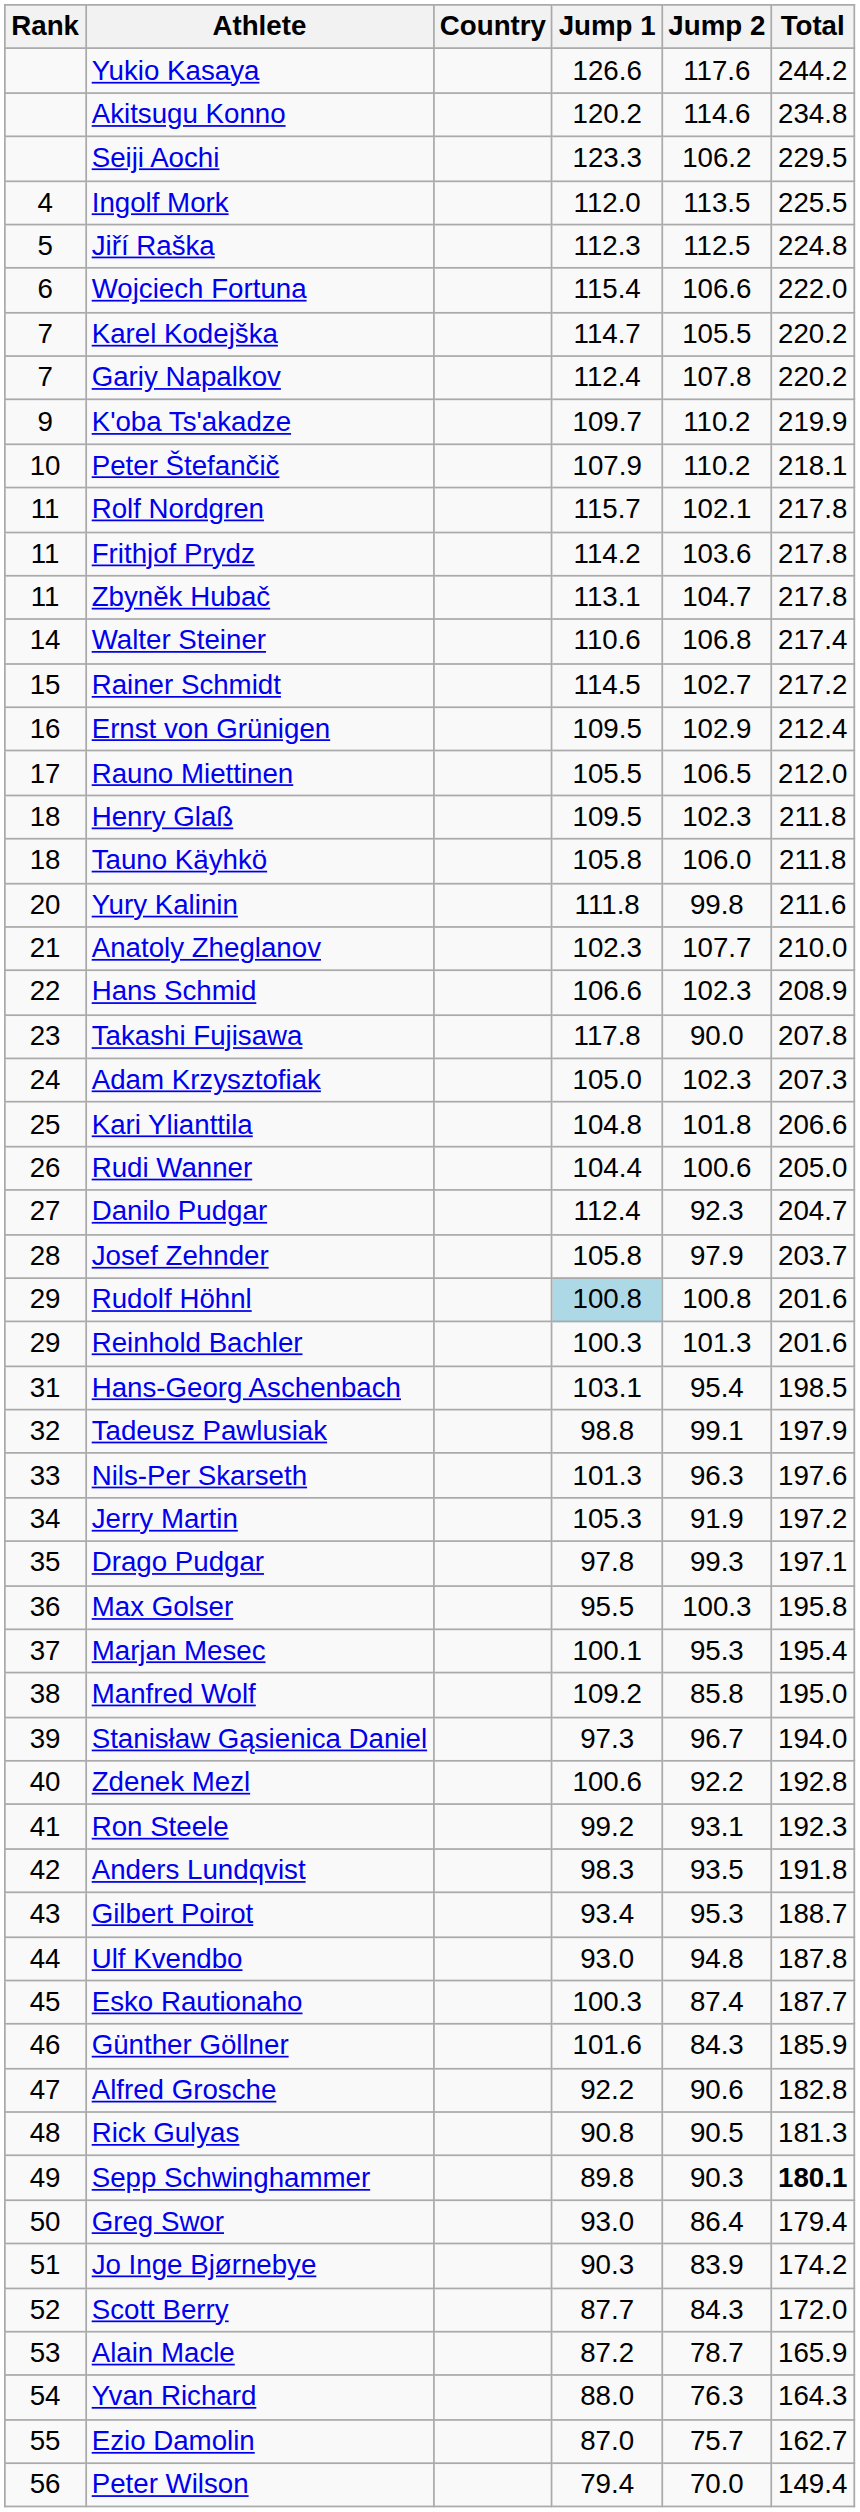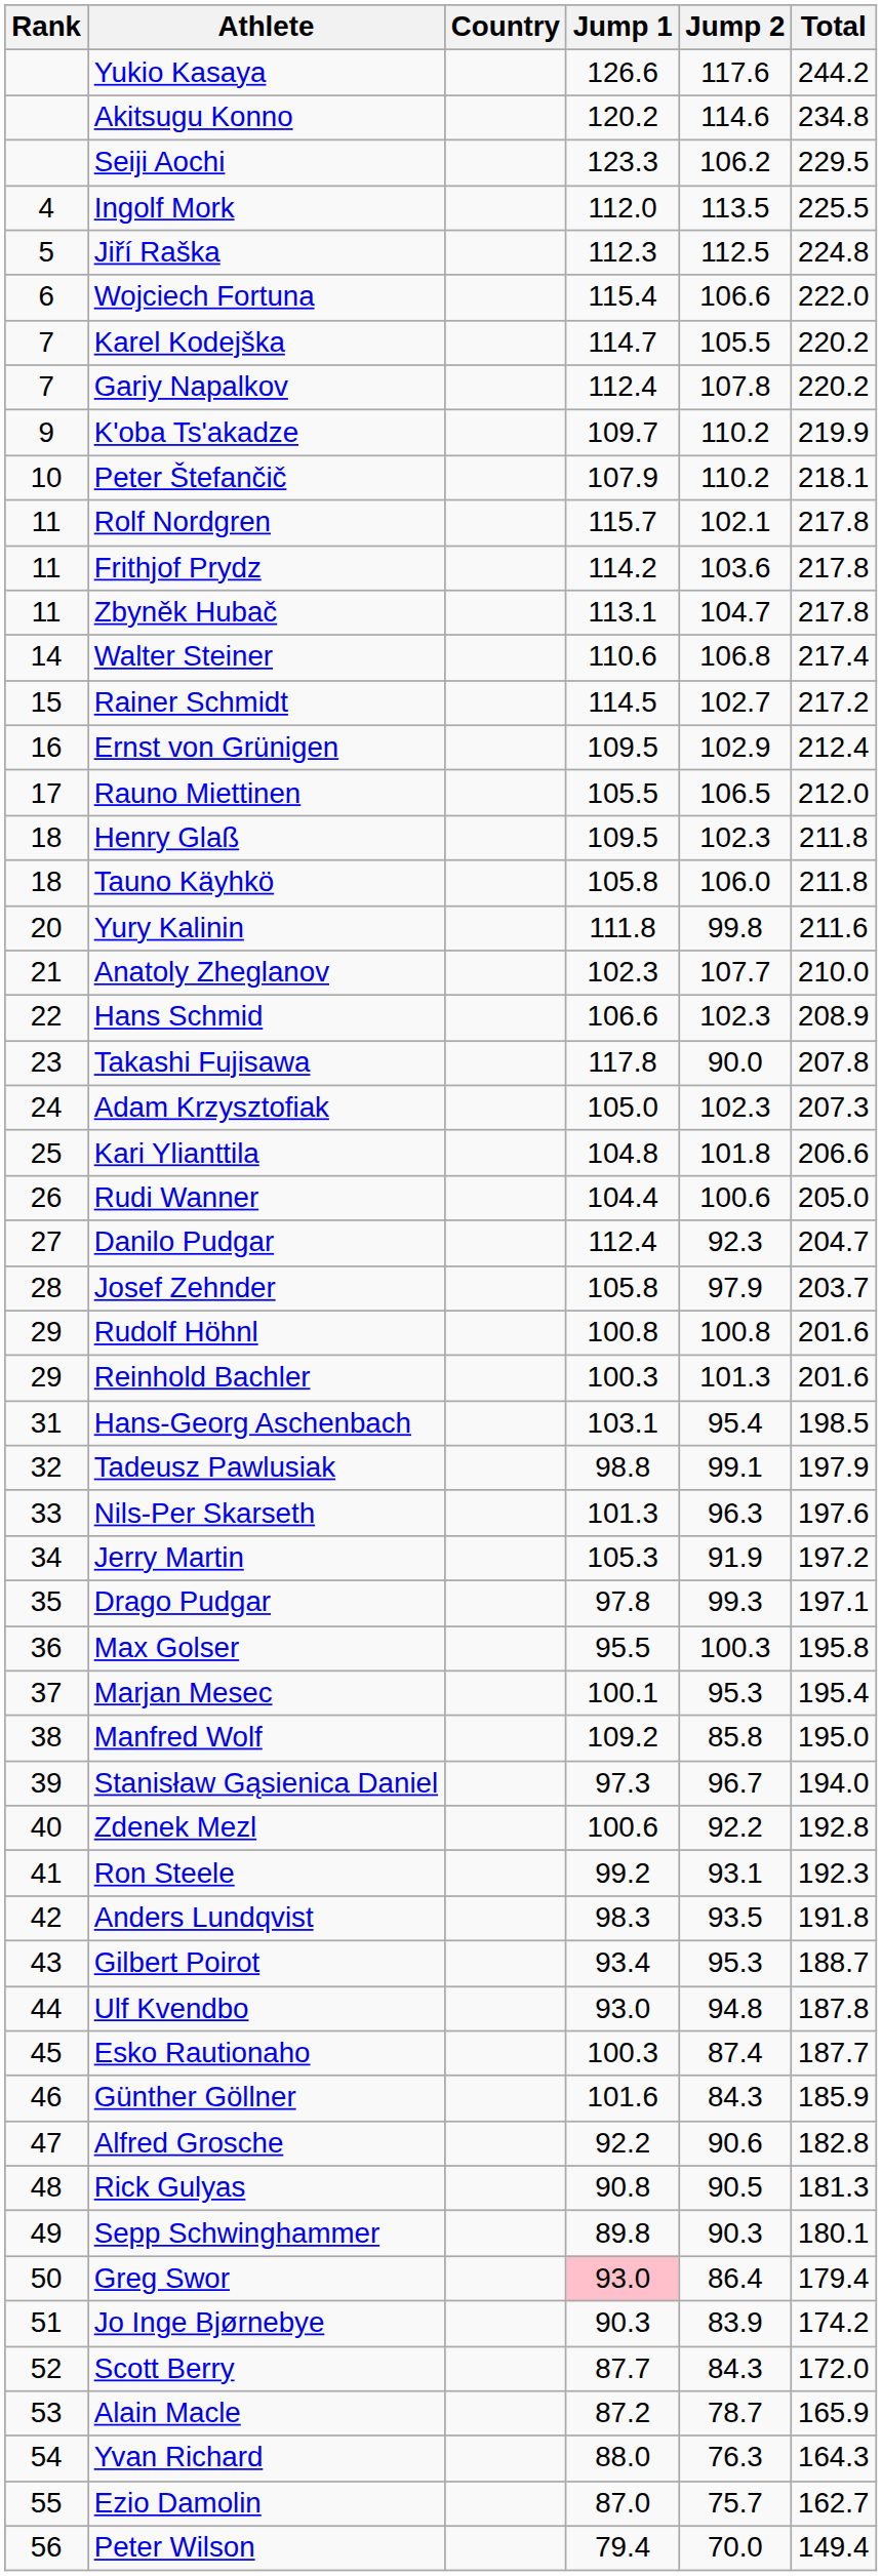 <table class="wikitable sortable" style="text-align:center">
 <tr>
 <th>Rank</th>
 <th>Athlete</th>
 <th>Country</th>
 <th>Jump 1</th>
 <th>Jump 2</th>
 <th>Total</th>
 </tr>
 <tr>
 <td></td>
 <td align=left><a href='#'>Yukio Kasaya</a></td>
 <td align=left></td>
 <td>126.6</td>
 <td>117.6</td>
 <td>244.2</td>
 </tr>
 <tr>
 <td></td>
 <td align=left><a href='#'>Akitsugu Konno</a></td>
 <td align=left></td>
 <td>120.2</td>
 <td>114.6</td>
 <td>234.8</td>
 </tr>
 <tr>
 <td></td>
 <td align=left><a href='#'>Seiji Aochi</a></td>
 <td align=left></td>
 <td>123.3</td>
 <td>106.2</td>
 <td>229.5</td>
 </tr>
 <tr>
 <td>4</td>
 <td align=left><a href='#'>Ingolf Mork</a></td>
 <td align=left></td>
 <td>112.0</td>
 <td>113.5</td>
 <td>225.5</td>
 </tr>
 <tr>
 <td>5</td>
 <td align=left><a href='#'>Jiří Raška</a></td>
 <td align=left></td>
 <td>112.3</td>
 <td>112.5</td>
 <td>224.8</td>
 </tr>
 <tr>
 <td>6</td>
 <td align=left><a href='#'>Wojciech Fortuna</a></td>
 <td align=left></td>
 <td>115.4</td>
 <td>106.6</td>
 <td>222.0</td>
 </tr>
 <tr>
 <td>7</td>
 <td align=left><a href='#'>Karel Kodejška</a></td>
 <td align=left></td>
 <td>114.7</td>
 <td>105.5</td>
 <td>220.2</td>
 </tr>
 <tr>
 <td>7</td>
 <td align=left><a href='#'>Gariy Napalkov</a></td>
 <td align=left></td>
 <td>112.4</td>
 <td>107.8</td>
 <td>220.2</td>
 </tr>
 <tr>
 <td>9</td>
 <td align=left><a href='#'>K'oba Ts'akadze</a></td>
 <td align=left></td>
 <td>109.7</td>
 <td>110.2</td>
 <td>219.9</td>
 </tr>
 <tr>
 <td>10</td>
 <td align=left><a href='#'>Peter Štefančič</a></td>
 <td align=left></td>
 <td>107.9</td>
 <td>110.2</td>
 <td>218.1</td>
 </tr>
 <tr>
 <td>11</td>
 <td align=left><a href='#'>Rolf Nordgren</a></td>
 <td align=left></td>
 <td>115.7</td>
 <td>102.1</td>
 <td>217.8</td>
 </tr>
 <tr>
 <td>11</td>
 <td align=left><a href='#'>Frithjof Prydz</a></td>
 <td align=left></td>
 <td>114.2</td>
 <td>103.6</td>
 <td>217.8</td>
 </tr>
 <tr>
 <td>11</td>
 <td align=left><a href='#'>Zbyněk Hubač</a></td>
 <td align=left></td>
 <td>113.1</td>
 <td>104.7</td>
 <td>217.8</td>
 </tr>
 <tr>
 <td>14</td>
 <td align=left><a href='#'>Walter Steiner</a></td>
 <td align=left></td>
 <td>110.6</td>
 <td>106.8</td>
 <td>217.4</td>
 </tr>
 <tr>
 <td>15</td>
 <td align=left><a href='#'>Rainer Schmidt</a></td>
 <td align=left></td>
 <td>114.5</td>
 <td>102.7</td>
 <td>217.2</td>
 </tr>
 <tr>
 <td>16</td>
 <td align=left><a href='#'>Ernst von Grünigen</a></td>
 <td align=left></td>
 <td>109.5</td>
 <td>102.9</td>
 <td>212.4</td>
 </tr>
 <tr>
 <td>17</td>
 <td align=left><a href='#'>Rauno Miettinen</a></td>
 <td align=left></td>
 <td>105.5</td>
 <td>106.5</td>
 <td>212.0</td>
 </tr>
 <tr>
 <td>18</td>
 <td align=left><a href='#'>Henry Glaß</a></td>
 <td align=left></td>
 <td>109.5</td>
 <td>102.3</td>
 <td>211.8</td>
 </tr>
 <tr>
 <td>18</td>
 <td align=left><a href='#'>Tauno Käyhkö</a></td>
 <td align=left></td>
 <td>105.8</td>
 <td>106.0</td>
 <td>211.8</td>
 </tr>
 <tr>
 <td>20</td>
 <td align=left><a href='#'>Yury Kalinin</a></td>
 <td align=left></td>
 <td>111.8</td>
 <td>99.8</td>
 <td>211.6</td>
 </tr>
 <tr>
 <td>21</td>
 <td align=left><a href='#'>Anatoly Zheglanov</a></td>
 <td align=left></td>
 <td>102.3</td>
 <td>107.7</td>
 <td>210.0</td>
 </tr>
 <tr>
 <td>22</td>
 <td align=left><a href='#'>Hans Schmid</a></td>
 <td align=left></td>
 <td>106.6</td>
 <td>102.3</td>
 <td>208.9</td>
 </tr>
 <tr>
 <td>23</td>
 <td align=left><a href='#'>Takashi Fujisawa</a></td>
 <td align=left></td>
 <td>117.8</td>
 <td>90.0</td>
 <td>207.8</td>
 </tr>
 <tr>
 <td>24</td>
 <td align=left><a href='#'>Adam Krzysztofiak</a></td>
 <td align=left></td>
 <td>105.0</td>
 <td>102.3</td>
 <td>207.3</td>
 </tr>
 <tr>
 <td>25</td>
 <td align=left><a href='#'>Kari Ylianttila</a></td>
 <td align=left></td>
 <td>104.8</td>
 <td>101.8</td>
 <td>206.6</td>
 </tr>
 <tr>
 <td>26</td>
 <td align=left><a href='#'>Rudi Wanner</a></td>
 <td align=left></td>
 <td>104.4</td>
 <td>100.6</td>
 <td>205.0</td>
 </tr>
 <tr>
 <td>27</td>
 <td align=left><a href='#'>Danilo Pudgar</a></td>
 <td align=left></td>
 <td>112.4</td>
 <td>92.3</td>
 <td>204.7</td>
 </tr>
 <tr>
 <td>28</td>
 <td align=left><a href='#'>Josef Zehnder</a></td>
 <td align=left></td>
 <td>105.8</td>
 <td>97.9</td>
 <td>203.7</td>
 </tr>
 <tr>
 <td>29</td>
 <td align=left><a href='#'>Rudolf Höhnl</a></td>
 <td align=left></td>
-<td style="background: lightblue;">100.8</td>
+<td>100.8</td>
 <td>100.8</td>
 <td>201.6</td>
 </tr>
 <tr>
 <td>29</td>
 <td align=left><a href='#'>Reinhold Bachler</a></td>
 <td align=left></td>
 <td>100.3</td>
 <td>101.3</td>
 <td>201.6</td>
 </tr>
 <tr>
 <td>31</td>
 <td align=left><a href='#'>Hans-Georg Aschenbach</a></td>
 <td align=left></td>
 <td>103.1</td>
 <td>95.4</td>
 <td>198.5</td>
 </tr>
 <tr>
 <td>32</td>
 <td align=left><a href='#'>Tadeusz Pawlusiak</a></td>
 <td align=left></td>
 <td>98.8</td>
 <td>99.1</td>
 <td>197.9</td>
 </tr>
 <tr>
 <td>33</td>
 <td align=left><a href='#'>Nils-Per Skarseth</a></td>
 <td align=left></td>
 <td>101.3</td>
 <td>96.3</td>
 <td>197.6</td>
 </tr>
 <tr>
 <td>34</td>
 <td align=left><a href='#'>Jerry Martin</a></td>
 <td align=left></td>
 <td>105.3</td>
 <td>91.9</td>
 <td>197.2</td>
 </tr>
 <tr>
 <td>35</td>
 <td align=left><a href='#'>Drago Pudgar</a></td>
 <td align=left></td>
 <td>97.8</td>
 <td>99.3</td>
 <td>197.1</td>
 </tr>
 <tr>
 <td>36</td>
 <td align=left><a href='#'>Max Golser</a></td>
 <td align=left></td>
 <td>95.5</td>
 <td>100.3</td>
 <td>195.8</td>
 </tr>
 <tr>
 <td>37</td>
 <td align=left><a href='#'>Marjan Mesec</a></td>
 <td align=left></td>
 <td>100.1</td>
 <td>95.3</td>
 <td>195.4</td>
 </tr>
 <tr>
 <td>38</td>
 <td align=left><a href='#'>Manfred Wolf</a></td>
 <td align=left></td>
 <td>109.2</td>
 <td>85.8</td>
 <td>195.0</td>
 </tr>
 <tr>
 <td>39</td>
 <td align=left><a href='#'>Stanisław Gąsienica Daniel</a></td>
 <td align=left></td>
 <td>97.3</td>
 <td>96.7</td>
 <td>194.0</td>
 </tr>
 <tr>
 <td>40</td>
 <td align=left><a href='#'>Zdenek Mezl</a></td>
 <td align=left></td>
 <td>100.6</td>
 <td>92.2</td>
 <td>192.8</td>
 </tr>
 <tr>
 <td>41</td>
 <td align=left><a href='#'>Ron Steele</a></td>
 <td align=left></td>
 <td>99.2</td>
 <td>93.1</td>
 <td>192.3</td>
 </tr>
 <tr>
 <td>42</td>
 <td align=left><a href='#'>Anders Lundqvist</a></td>
 <td align=left></td>
 <td>98.3</td>
 <td>93.5</td>
 <td>191.8</td>
 </tr>
 <tr>
 <td>43</td>
 <td align=left><a href='#'>Gilbert Poirot</a></td>
 <td align=left></td>
 <td>93.4</td>
 <td>95.3</td>
 <td>188.7</td>
 </tr>
 <tr>
 <td>44</td>
 <td align=left><a href='#'>Ulf Kvendbo</a></td>
 <td align=left></td>
 <td>93.0</td>
 <td>94.8</td>
 <td>187.8</td>
 </tr>
 <tr>
 <td>45</td>
 <td align=left><a href='#'>Esko Rautionaho</a></td>
 <td align=left></td>
 <td>100.3</td>
 <td>87.4</td>
 <td>187.7</td>
 </tr>
 <tr>
 <td>46</td>
 <td align=left><a href='#'>Günther Göllner</a></td>
 <td align=left></td>
 <td>101.6</td>
 <td>84.3</td>
 <td>185.9</td>
 </tr>
 <tr>
 <td>47</td>
 <td align=left><a href='#'>Alfred Grosche</a></td>
 <td align=left></td>
 <td>92.2</td>
 <td>90.6</td>
 <td>182.8</td>
 </tr>
 <tr>
 <td>48</td>
 <td align=left><a href='#'>Rick Gulyas</a></td>
 <td align=left></td>
 <td>90.8</td>
 <td>90.5</td>
 <td>181.3</td>
 </tr>
 <tr>
 <td>49</td>
 <td align=left><a href='#'>Sepp Schwinghammer</a></td>
 <td align=left></td>
 <td>89.8</td>
 <td>90.3</td>
-<td><strong>180.1</strong></td>
+<td>180.1</td>
 </tr>
 <tr>
 <td>50</td>
 <td align=left><a href='#'>Greg Swor</a></td>
 <td align=left></td>
-<td>93.0</td>
+<td style="background: pink;">93.0</td>
 <td>86.4</td>
 <td>179.4</td>
 </tr>
 <tr>
 <td>51</td>
 <td align=left><a href='#'>Jo Inge Bjørnebye</a></td>
 <td align=left></td>
 <td>90.3</td>
 <td>83.9</td>
 <td>174.2</td>
 </tr>
 <tr>
 <td>52</td>
 <td align=left><a href='#'>Scott Berry</a></td>
 <td align=left></td>
 <td>87.7</td>
 <td>84.3</td>
 <td>172.0</td>
 </tr>
 <tr>
 <td>53</td>
 <td align=left><a href='#'>Alain Macle</a></td>
 <td align=left></td>
 <td>87.2</td>
 <td>78.7</td>
 <td>165.9</td>
 </tr>
 <tr>
 <td>54</td>
 <td align=left><a href='#'>Yvan Richard</a></td>
 <td align=left></td>
 <td>88.0</td>
 <td>76.3</td>
 <td>164.3</td>
 </tr>
 <tr>
 <td>55</td>
 <td align=left><a href='#'>Ezio Damolin</a></td>
 <td align=left></td>
 <td>87.0</td>
 <td>75.7</td>
 <td>162.7</td>
 </tr>
 <tr>
 <td>56</td>
 <td align=left><a href='#'>Peter Wilson</a></td>
 <td align=left></td>
 <td>79.4</td>
 <td>70.0</td>
 <td>149.4</td>
 </tr>
 </table>
